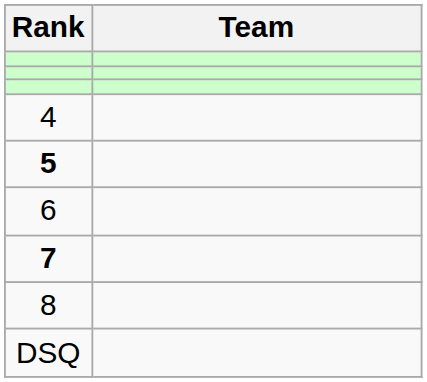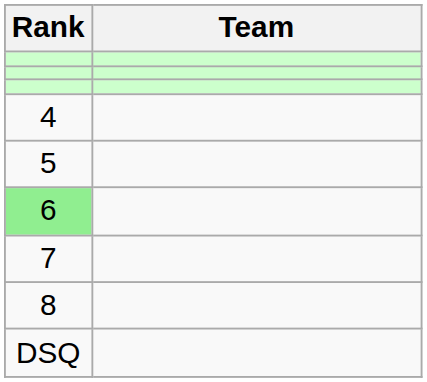 <table class="wikitable">
 <tr>
 <th>Rank</th>
 <th width=170>Team</th>
 </tr>
 <tr bgcolor=ccffcc>
 <td align=center></td>
 <td></td>
 </tr>
 <tr bgcolor=ccffcc>
 <td align=center></td>
 <td></td>
 </tr>
 <tr bgcolor=ccffcc>
 <td align=center></td>
 <td></td>
 </tr>
 <tr>
 <td align=center>4</td>
 <td></td>
 </tr>
 <tr>
-<td align=center><strong>5</strong></td>
+<td align=center>5</td>
 <td></td>
 </tr>
 <tr>
-<td align=center>6</td>
+<td align=center style="background: lightgreen;">6</td>
 <td></td>
 </tr>
 <tr>
-<td align=center><strong>7</strong></td>
+<td align=center>7</td>
 <td></td>
 </tr>
 <tr>
 <td align=center>8</td>
 <td></td>
 </tr>
 <tr>
 <td align=center>DSQ</td>
 <td></td>
 </tr>
 </table>
